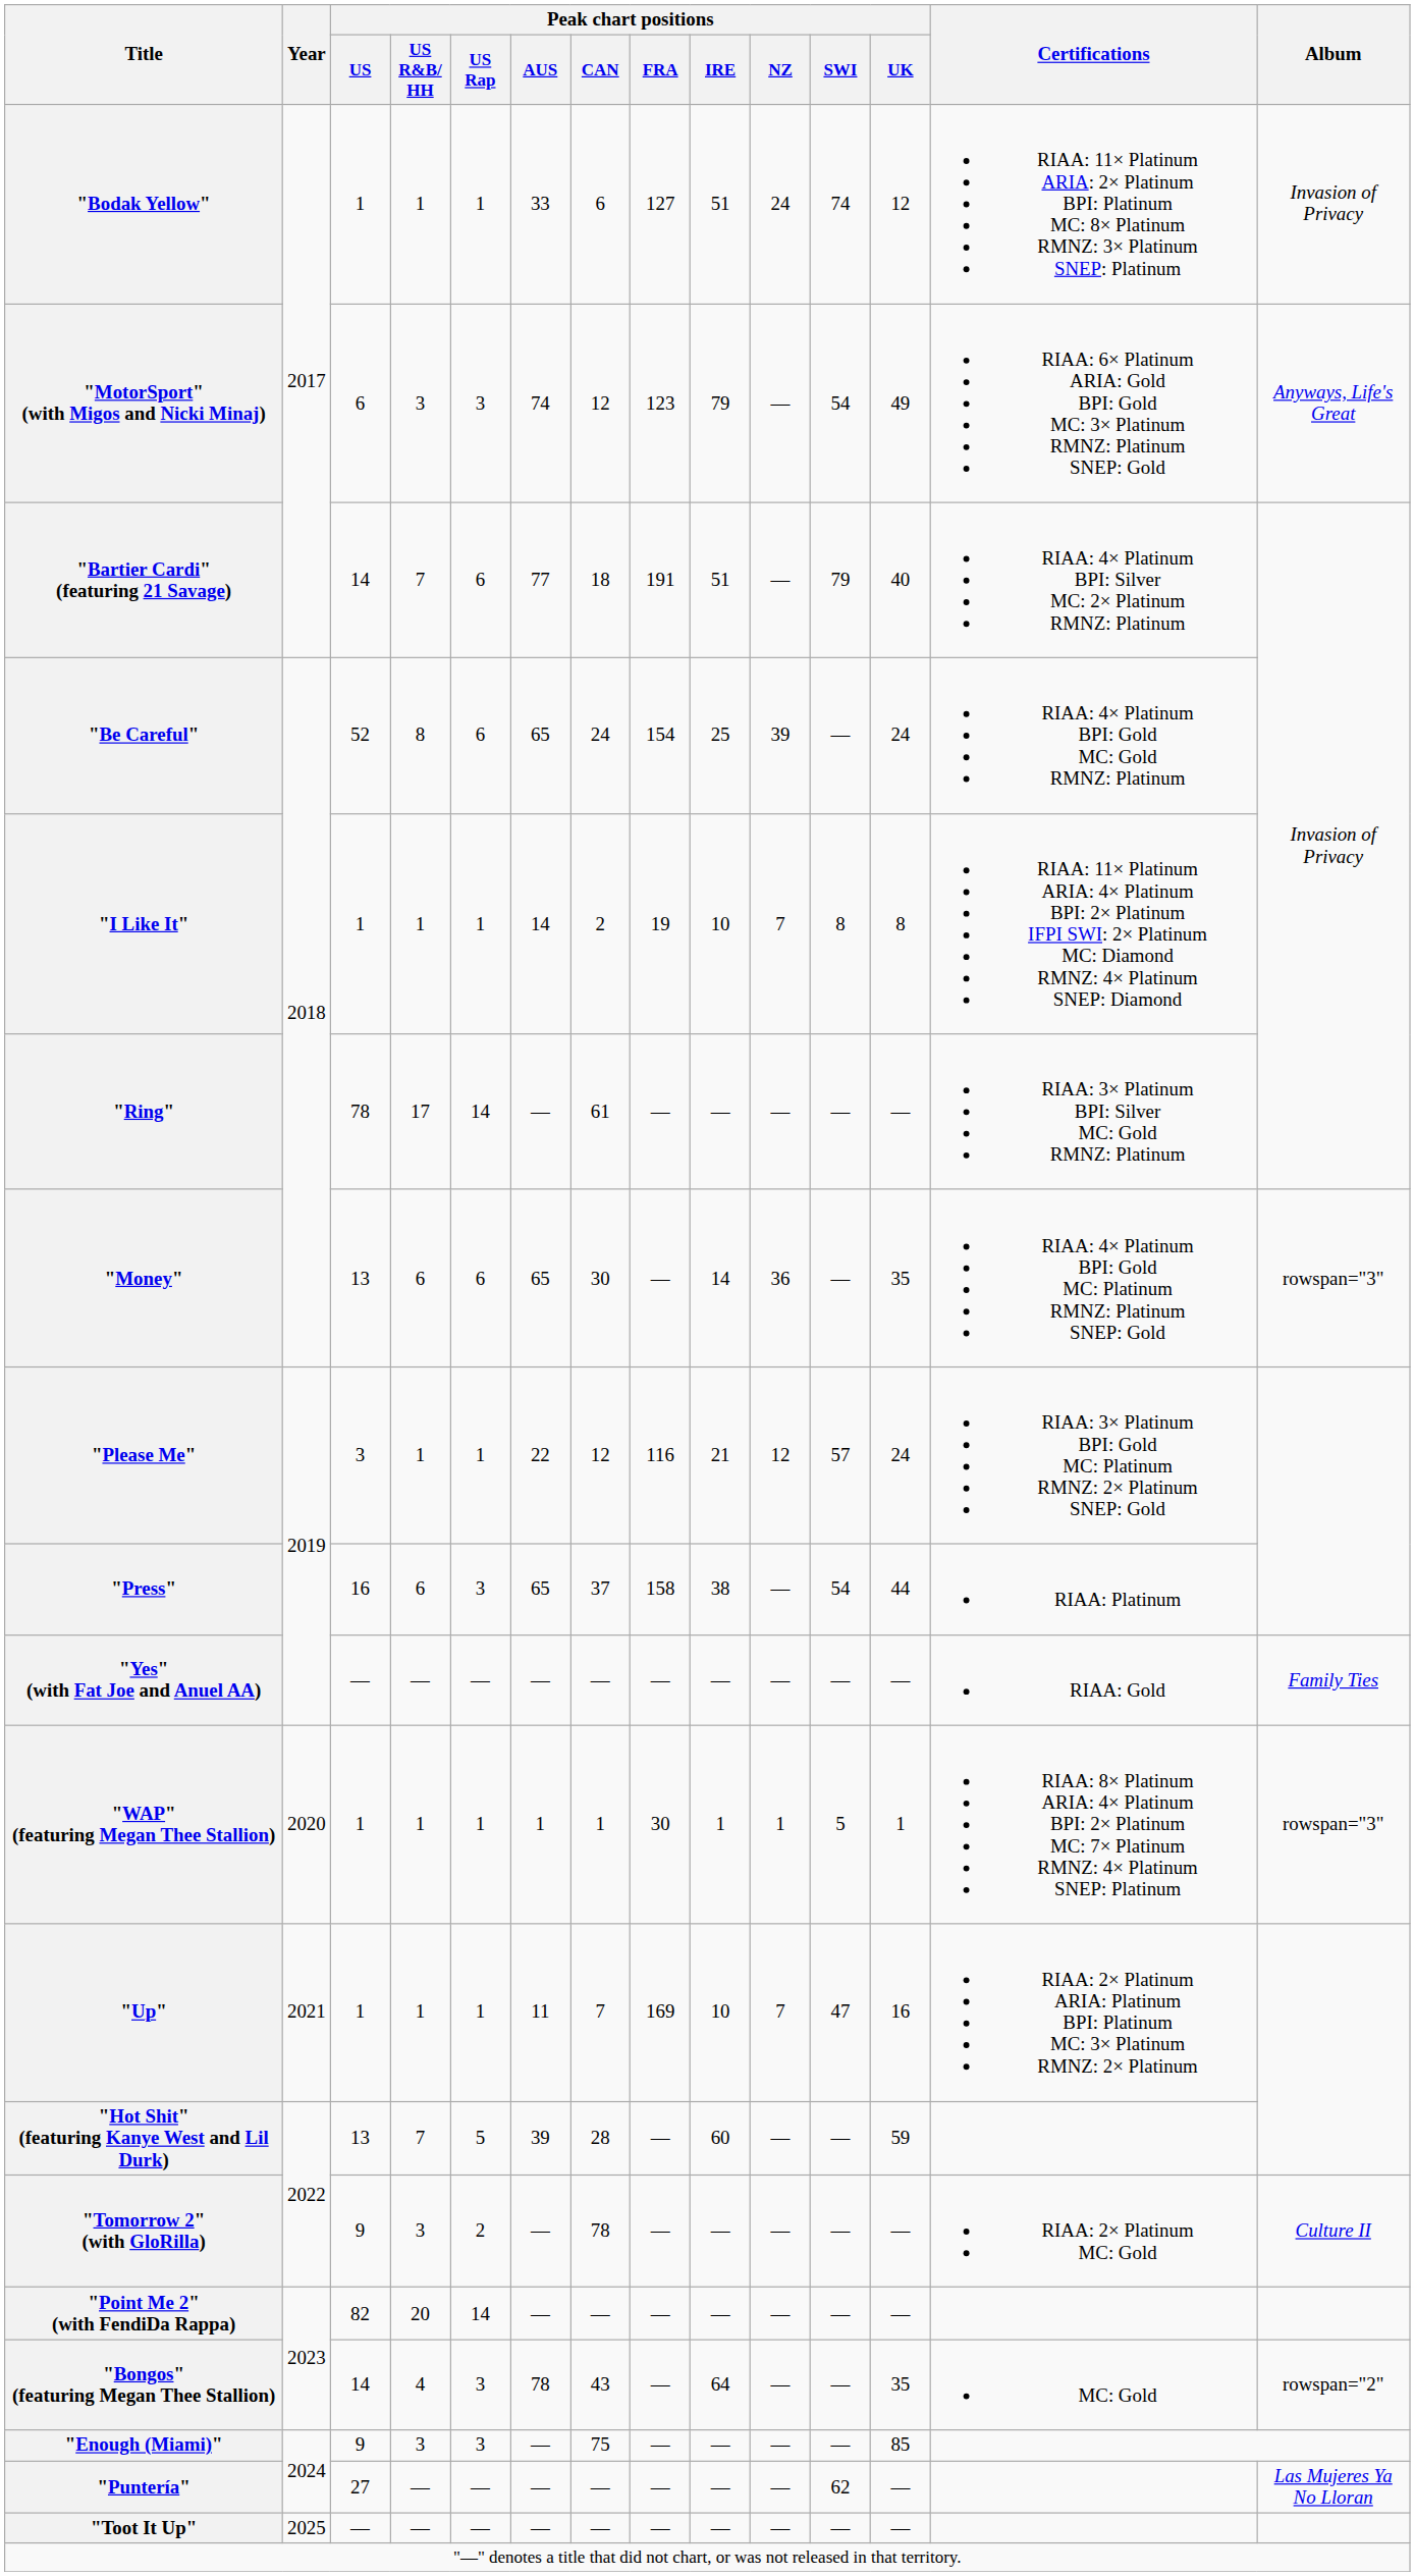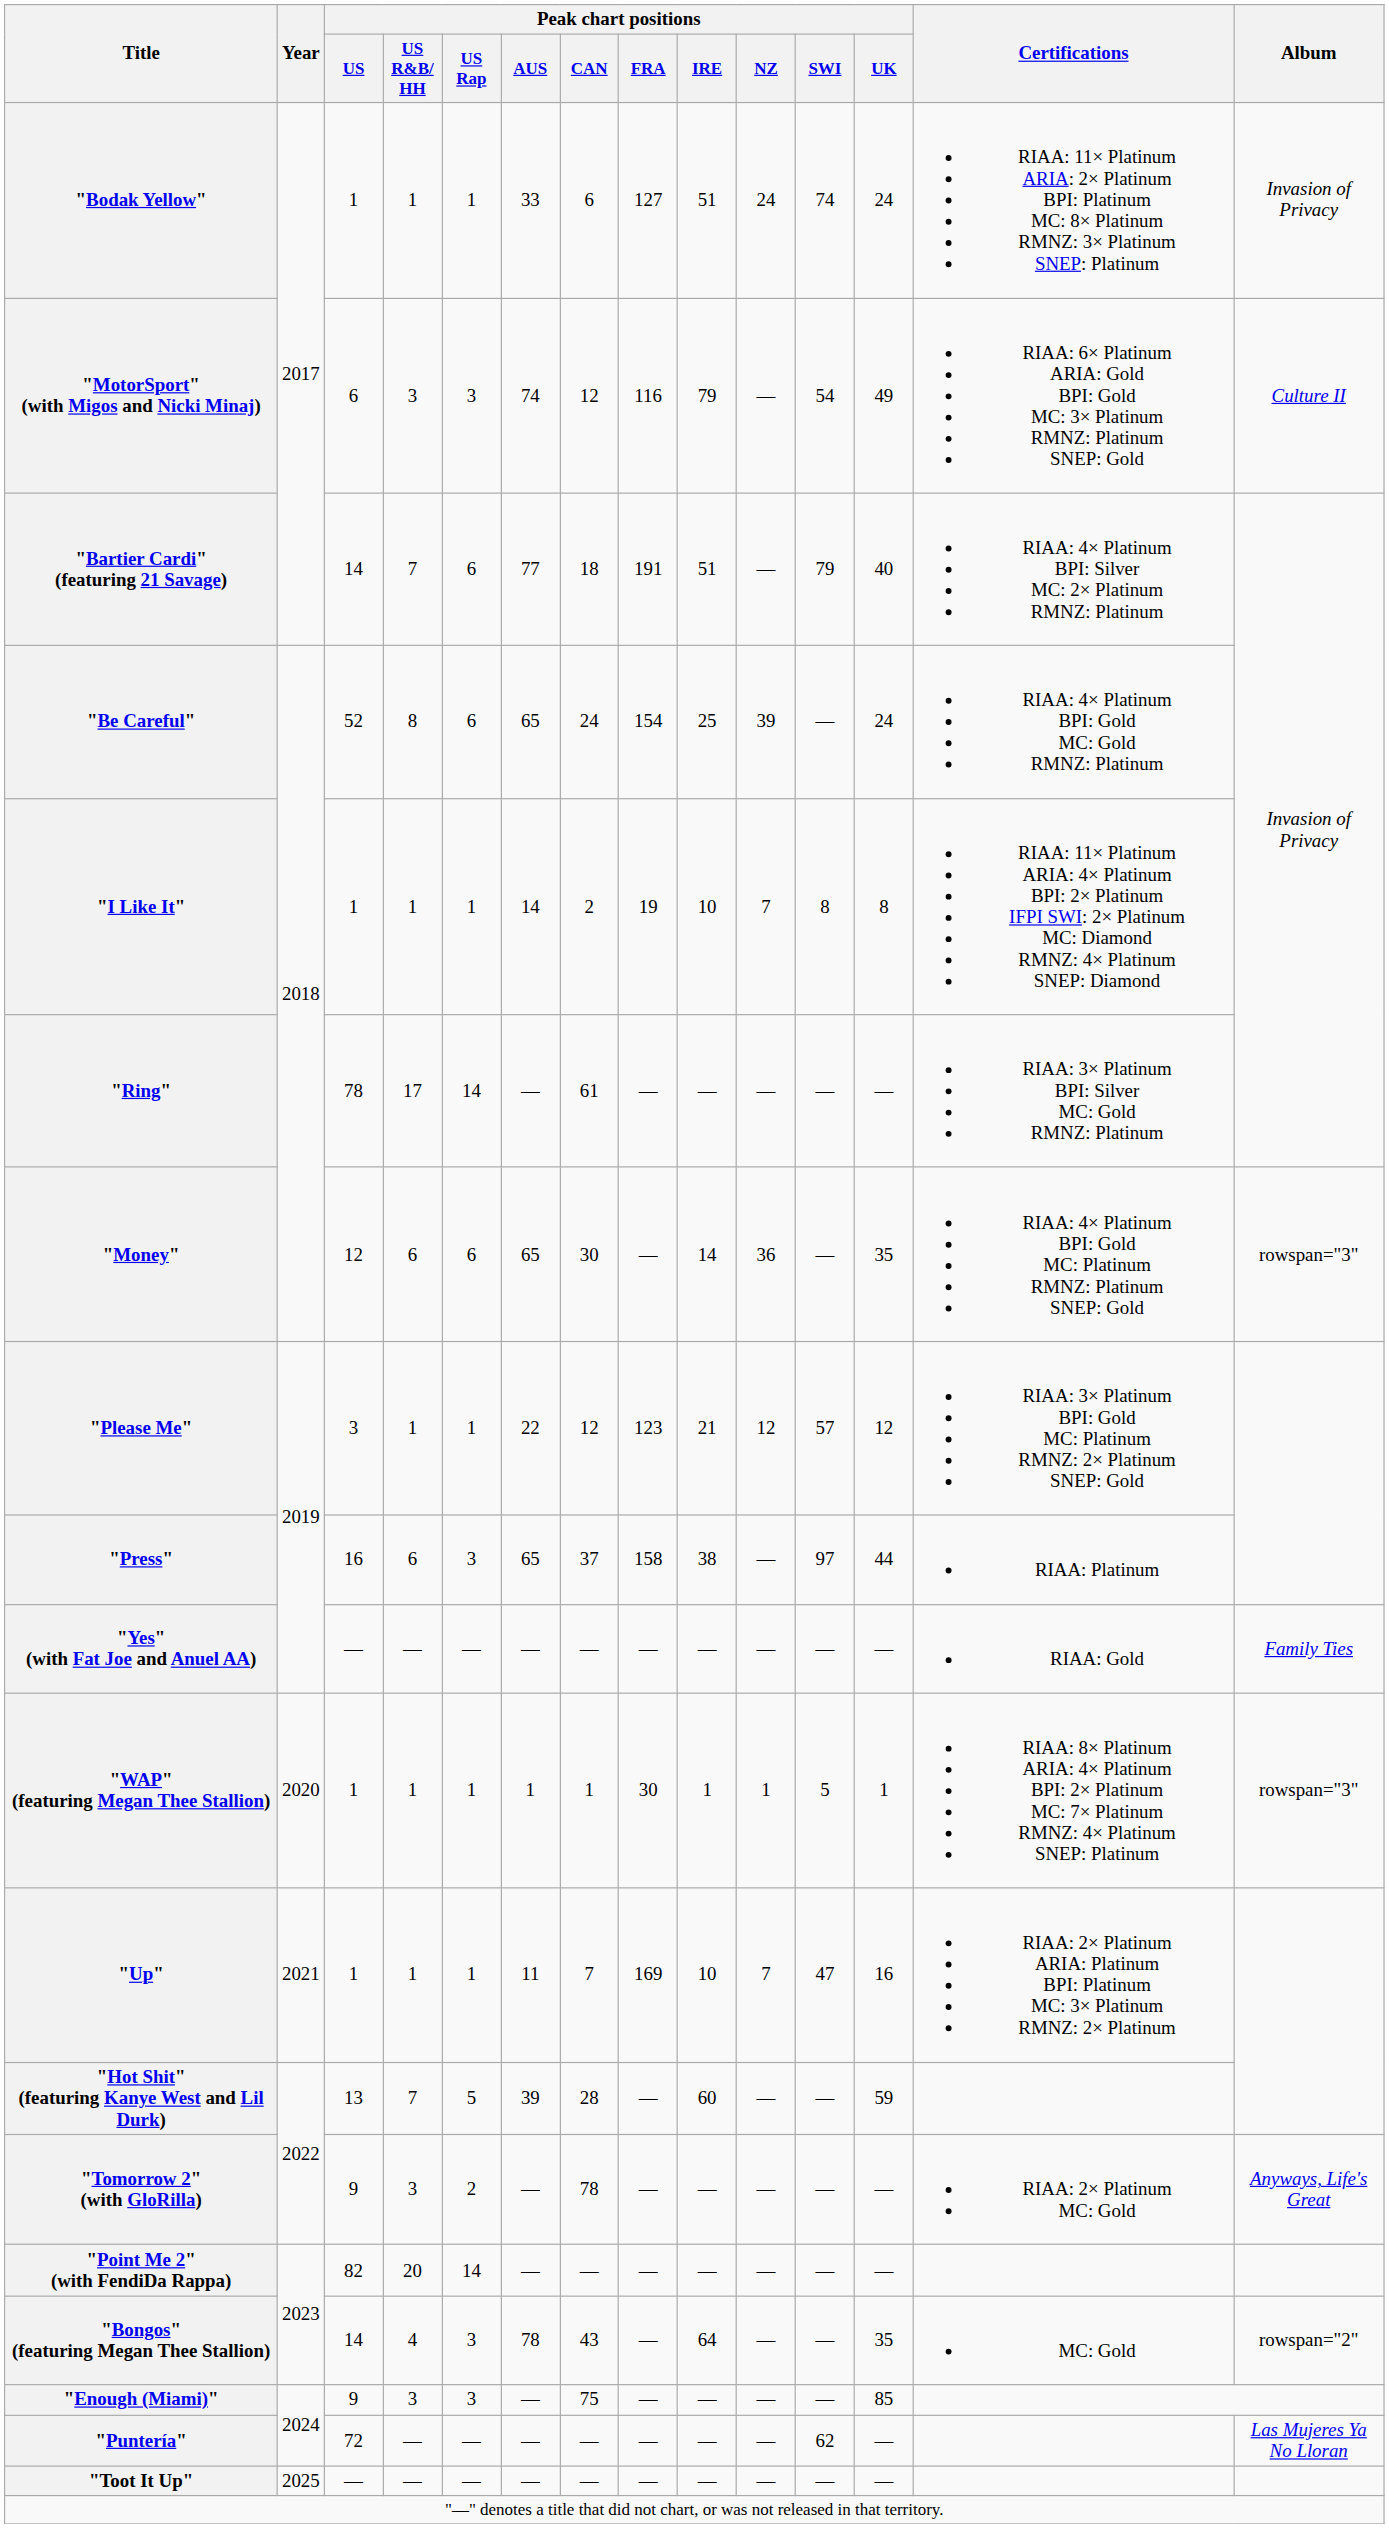 <table class="wikitable plainrowheaders" style="text-align:center;">
 <tr>
 <th scope="col" rowspan="2" style="width:14em;">Title</th>
 <th scope="col" rowspan="2" style="width:1em;">Year</th>
 <th scope="col" colspan="10">Peak chart positions</th>
 <th scope="col" rowspan="2" style="width:16.5em;"><a href='#'>Certifications</a></th>
 <th scope="col" rowspan="2" style="width:7.5em;">Album</th>
 </tr>
 <tr>
 <th scope="col" style="width:3em;font-size:90%;"><a href='#'>US</a><br></th>
 <th scope="col" style="width:3em;font-size:90%;"><a href='#'>US<br>R&B/<br>HH</a><br></th>
 <th scope="col" style="width:3em;font-size:90%;"><a href='#'>US<br>Rap</a><br></th>
 <th scope="col" style="width:3em;font-size:90%;"><a href='#'>AUS</a><br></th>
 <th scope="col" style="width:3em;font-size:90%;"><a href='#'>CAN</a><br></th>
 <th scope="col" style="width:3em;font-size:90%;"><a href='#'>FRA</a><br></th>
 <th scope="col" style="width:3em;font-size:90%;"><a href='#'>IRE</a><br></th>
 <th scope="col" style="width:3em;font-size:90%;"><a href='#'>NZ</a><br></th>
 <th scope="col" style="width:3em;font-size:90%;"><a href='#'>SWI</a><br></th>
 <th scope="col" style="width:3em;font-size:90%;"><a href='#'>UK</a><br></th>
 </tr>
 <tr>
 <th scope="row">"<a href='#'>Bodak Yellow</a>"</th>
 <td rowspan="3">2017</td>
 <td>1</td>
 <td>1</td>
 <td>1</td>
 <td>33</td>
 <td>6</td>
 <td>127</td>
 <td>51</td>
 <td>24</td>
 <td>74</td>
-<td>12</td>
+<td>24</td>
 <td><br><ul><li>RIAA: 11× Platinum</li><li><a href='#'>ARIA</a>: 2× Platinum</li><li>BPI: Platinum</li><li>MC: 8× Platinum</li><li>RMNZ: 3× Platinum</li><li><a href='#'>SNEP</a>: Platinum</li></ul></td>
 <td rowspan="1"><em>Invasion of Privacy</em></td>
 </tr>
 <tr>
 <th scope="row">"<a href='#'>MotorSport</a>"<br><span>(with <a href='#'>Migos</a> and <a href='#'>Nicki Minaj</a>)</span></th>
 <td>6</td>
 <td>3</td>
 <td>3</td>
 <td>74</td>
 <td>12</td>
-<td>123</td>
+<td>116</td>
 <td>79</td>
 <td>—</td>
 <td>54</td>
 <td>49</td>
 <td><br><ul><li>RIAA: 6× Platinum</li><li>ARIA: Gold</li><li>BPI: Gold</li><li>MC: 3× Platinum</li><li>RMNZ: Platinum</li><li>SNEP: Gold</li></ul></td>
-<td><em><a href='#'>Anyways, Life's Great</a></em></td>
+<td><em><a href='#'>Culture II</a></em></td>
 </tr>
 <tr>
 <th scope="row">"<a href='#'>Bartier Cardi</a>"<br><span>(featuring <a href='#'>21 Savage</a>)</span></th>
 <td>14</td>
 <td>7</td>
 <td>6</td>
 <td>77</td>
 <td>18</td>
 <td>191</td>
 <td>51</td>
 <td>—</td>
 <td>79</td>
 <td>40</td>
 <td><br><ul><li>RIAA: 4× Platinum</li><li>BPI: Silver</li><li>MC: 2× Platinum</li><li>RMNZ: Platinum</li></ul></td>
 <td rowspan="4"><em>Invasion of Privacy</em></td>
 </tr>
 <tr>
 <th scope="row">"<a href='#'>Be Careful</a>"</th>
 <td rowspan="4">2018</td>
 <td>52</td>
 <td>8</td>
 <td>6</td>
 <td>65</td>
 <td>24</td>
 <td>154</td>
 <td>25</td>
 <td>39</td>
 <td>—</td>
 <td>24</td>
 <td><br><ul><li>RIAA: 4× Platinum</li><li>BPI: Gold</li><li>MC: Gold</li><li>RMNZ: Platinum</li></ul></td>
 </tr>
 <tr>
 <th scope="row">"<a href='#'>I Like It</a>"<br></th>
 <td>1</td>
 <td>1</td>
 <td>1</td>
 <td>14</td>
 <td>2</td>
 <td>19</td>
 <td>10</td>
 <td>7</td>
 <td>8</td>
 <td>8</td>
 <td><br><ul><li>RIAA: 11× Platinum</li><li>ARIA: 4× Platinum</li><li>BPI: 2× Platinum</li><li><a href='#'>IFPI SWI</a>: 2× Platinum</li><li>MC: Diamond</li><li>RMNZ: 4× Platinum</li><li>SNEP: Diamond</li></ul></td>
 </tr>
 <tr>
 <th scope="row">"<a href='#'>Ring</a>"<br></th>
 <td>78</td>
 <td>17</td>
 <td>14</td>
 <td>—</td>
 <td>61</td>
 <td>—</td>
 <td>—</td>
 <td>—</td>
 <td>—</td>
 <td>—</td>
 <td><br><ul><li>RIAA: 3× Platinum</li><li>BPI: Silver</li><li>MC: Gold</li><li>RMNZ: Platinum</li></ul></td>
 </tr>
 <tr>
 <th scope="row">"<a href='#'>Money</a>"</th>
-<td>13</td>
+<td>12</td>
 <td>6</td>
 <td>6</td>
 <td>65</td>
 <td>30</td>
 <td>—</td>
 <td>14</td>
 <td>36</td>
 <td>—</td>
 <td>35</td>
 <td><br><ul><li>RIAA: 4× Platinum</li><li>BPI: Gold</li><li>MC: Platinum</li><li>RMNZ: Platinum</li><li>SNEP: Gold</li></ul></td>
 <td>rowspan="3" </td>
 </tr>
 <tr>
 <th scope="row">"<a href='#'>Please Me</a>"<br></th>
 <td rowspan="3">2019</td>
 <td>3</td>
 <td>1</td>
 <td>1</td>
 <td>22</td>
 <td>12</td>
-<td>116</td>
+<td>123</td>
 <td>21</td>
 <td>12</td>
 <td>57</td>
-<td>24</td>
+<td>12</td>
 <td><br><ul><li>RIAA: 3× Platinum</li><li>BPI: Gold</li><li>MC: Platinum</li><li>RMNZ: 2× Platinum</li><li>SNEP: Gold</li></ul></td>
 </tr>
 <tr>
 <th scope="row">"<a href='#'>Press</a>"</th>
 <td>16</td>
 <td>6</td>
 <td>3</td>
 <td>65</td>
 <td>37</td>
 <td>158</td>
 <td>38</td>
 <td>—</td>
-<td>54</td>
+<td>97</td>
 <td>44</td>
 <td><br><ul><li>RIAA: Platinum</li></ul></td>
 </tr>
 <tr>
 <th scope="row">"<a href='#'>Yes</a>"<br><span>(with <a href='#'>Fat Joe</a> and <a href='#'>Anuel AA</a>)</span></th>
 <td>—</td>
 <td>—</td>
 <td>—</td>
 <td>—</td>
 <td>—</td>
 <td>—</td>
 <td>—</td>
 <td>—</td>
 <td>—</td>
 <td>—</td>
 <td><br><ul><li>RIAA: Gold</li></ul></td>
 <td><em><a href='#'>Family Ties</a></em></td>
 </tr>
 <tr>
 <th scope="row">"<a href='#'>WAP</a>"<br><span>(featuring <a href='#'>Megan Thee Stallion</a>)</span></th>
 <td>2020</td>
 <td>1</td>
 <td>1</td>
 <td>1</td>
 <td>1</td>
 <td>1</td>
 <td>30</td>
 <td>1</td>
 <td>1</td>
 <td>5</td>
 <td>1</td>
 <td><br><ul><li>RIAA: 8× Platinum</li><li>ARIA: 4× Platinum</li><li>BPI: 2× Platinum</li><li>MC: 7× Platinum</li><li>RMNZ: 4× Platinum</li><li>SNEP: Platinum</li></ul></td>
 <td>rowspan="3" </td>
 </tr>
 <tr>
 <th scope="row">"<a href='#'>Up</a>"</th>
 <td>2021</td>
 <td>1</td>
 <td>1</td>
 <td>1</td>
 <td>11</td>
 <td>7</td>
 <td>169</td>
 <td>10</td>
 <td>7</td>
 <td>47</td>
 <td>16</td>
 <td><br><ul><li>RIAA: 2× Platinum</li><li>ARIA: Platinum</li><li>BPI: Platinum</li><li>MC: 3× Platinum</li><li>RMNZ: 2× Platinum</li></ul></td>
 </tr>
 <tr>
 <th scope="row">"<a href='#'>Hot Shit</a>"<br><span>(featuring <a href='#'>Kanye West</a> and <a href='#'>Lil Durk</a>)</span></th>
 <td rowspan="2">2022</td>
 <td>13</td>
 <td>7</td>
 <td>5</td>
 <td>39</td>
 <td>28</td>
 <td>—</td>
 <td>60</td>
 <td>—</td>
 <td>—</td>
 <td>59</td>
 <td></td>
 </tr>
 <tr>
 <th scope="row">"<a href='#'>Tomorrow 2</a>"<br><span>(with <a href='#'>GloRilla</a>)</span></th>
 <td>9</td>
 <td>3</td>
 <td>2</td>
 <td>—</td>
 <td>78</td>
 <td>—</td>
 <td>—</td>
 <td>—</td>
 <td>—</td>
 <td>—</td>
 <td><br><ul><li>RIAA: 2× Platinum</li><li>MC: Gold</li></ul></td>
-<td><em><a href='#'>Culture II</a></em></td>
+<td><em><a href='#'>Anyways, Life's Great</a></em></td>
 </tr>
 <tr>
 <th scope="row">"<a href='#'>Point Me 2</a>"<br><span>(with FendiDa Rappa)</span></th>
 <td rowspan="2">2023</td>
 <td>82</td>
 <td>20</td>
 <td>14</td>
 <td>—</td>
 <td>—</td>
 <td>—</td>
 <td>—</td>
 <td>—</td>
 <td>—</td>
 <td>—</td>
 <td></td>
 <td></td>
 </tr>
 <tr>
 <th scope="row">"<a href='#'>Bongos</a>"<br><span>(featuring Megan Thee Stallion)</span></th>
 <td>14</td>
 <td>4</td>
 <td>3</td>
 <td>78</td>
 <td>43</td>
 <td>—</td>
 <td>64</td>
 <td>—</td>
 <td>—</td>
 <td>35</td>
 <td><br><ul><li>MC: Gold</li></ul></td>
 <td>rowspan="2" </td>
 </tr>
 <tr>
 <th scope="row">"<a href='#'>Enough (Miami)</a>"</th>
 <td rowspan="2">2024</td>
 <td>9</td>
 <td>3</td>
 <td>3</td>
 <td>—</td>
 <td>75</td>
 <td>—</td>
 <td>—</td>
 <td>—</td>
 <td>—</td>
 <td>85</td>
 </tr>
 <tr>
 <th scope="row">"<a href='#'>Puntería</a>"<br></th>
-<td>27</td>
+<td>72</td>
 <td>—</td>
 <td>—</td>
 <td>—</td>
 <td>—</td>
 <td>—</td>
 <td>—</td>
 <td>—</td>
 <td>62</td>
 <td>—</td>
 <td></td>
 <td><em><a href='#'>Las Mujeres Ya No Lloran</a></em></td>
 </tr>
 <tr>
 <th scope="row">"Toot It Up"<br></th>
 <td>2025</td>
 <td>—</td>
 <td>—</td>
 <td>—</td>
 <td>—</td>
 <td>—</td>
 <td>—</td>
 <td>—</td>
 <td>—</td>
 <td>—</td>
 <td>—</td>
 <td></td>
 <td></td>
 </tr>
 <tr>
 <td colspan="15" style="font-size:90%">"—" denotes a title that did not chart, or was not released in that territory.</td>
 </tr>
 </table>
